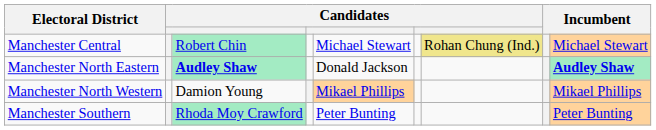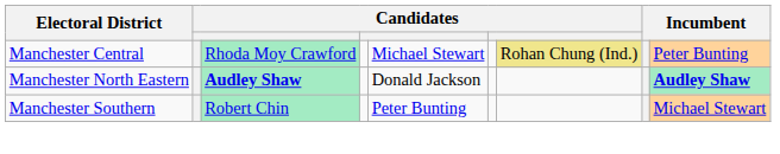 <table class="wikitable">
 <tr>
 <th rowspan="2">Electoral District</th>
 <th colspan="6">Candidates</th>
 <th colspan="2" rowspan="2">Incumbent</th>
 </tr>
 <tr>
 <th colspan="2" style="background:"><a href='#'></a></th>
 <th colspan="2" style="background:"><a href='#'></a></th>
 <th colspan="2" style="background:"></th>
 </tr>
 <tr>
 <td><a href='#'>Manchester Central</a></td>
 <th style="background:"></th>
-<td style="background:#a3ebc3"><a href='#'>Robert Chin</a></td>
+<td style="background:#a3ebc3"><a href='#'>Rhoda Moy Crawford</a></td>
 <td></td>
 <td><a href='#'>Michael Stewart</a></td>
 <td></td>
 <td style="background: khaki;">Rohan Chung (Ind.)</td>
 <th style="background:"></th>
-<td style="background:#FFD39B"><a href='#'>Michael Stewart</a></td>
+<td style="background:#FFD39B"><a href='#'>Peter Bunting</a></td>
 </tr>
 <tr>
 <td><a href='#'>Manchester North Eastern</a></td>
 <th style="background:"></th>
 <td style="background:#a3ebc3"><strong><a href='#'>Audley Shaw</a></strong></td>
 <td></td>
 <td>Donald Jackson</td>
 <td></td>
 <td></td>
 <th style="background:"></th>
 <td style="background:#a3ebc3"><strong><a href='#'>Audley Shaw</a></strong></td>
 </tr>
 <tr>
-<td><a href='#'>Manchester North Western</a></td>
-<td></td>
-<td>Damion Young</td>
-<th style="background:"></th>
-<td style="background:#FFD39B"><a href='#'>Mikael Phillips</a></td>
-<td></td>
-<td></td>
-<th style="background:"></th>
-<td style="background:#FFD39B"><a href='#'>Mikael Phillips</a></td>
-</tr>
-<tr>
 <td><a href='#'>Manchester Southern</a></td>
 <th style="background:"></th>
-<td style="background:#a3ebc3"><a href='#'>Rhoda Moy Crawford</a></td>
+<td style="background:#a3ebc3"><a href='#'>Robert Chin</a></td>
 <td></td>
 <td><a href='#'>Peter Bunting</a></td>
 <td></td>
 <td></td>
 <th style="background:"></th>
-<td style="background:#FFD39B"><a href='#'>Peter Bunting</a></td>
+<td style="background:#FFD39B"><a href='#'>Michael Stewart</a></td>
 </tr>
 </table>
